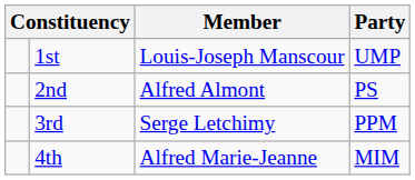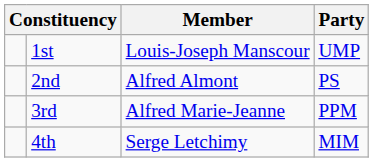 <table class="wikitable">
 <tr>
 <th colspan="2">Constituency</th>
 <th>Member</th>
 <th>Party</th>
 </tr>
 <tr>
 <td style="background-color: "></td>
 <td><a href='#'>1st</a></td>
 <td><a href='#'>Louis-Joseph Manscour</a></td>
 <td><a href='#'>UMP</a></td>
 </tr>
 <tr>
 <td style="background-color: "></td>
 <td><a href='#'>2nd</a></td>
 <td><a href='#'>Alfred Almont</a></td>
 <td><a href='#'>PS</a></td>
 </tr>
 <tr>
 <td style="background-color: "></td>
 <td><a href='#'>3rd</a></td>
-<td><a href='#'>Serge Letchimy</a></td>
+<td><a href='#'>Alfred Marie-Jeanne</a></td>
 <td><a href='#'>PPM</a></td>
 </tr>
 <tr>
 <td style="background-color: "></td>
 <td><a href='#'>4th</a></td>
-<td><a href='#'>Alfred Marie-Jeanne</a></td>
+<td><a href='#'>Serge Letchimy</a></td>
 <td><a href='#'>MIM</a></td>
 </tr>
 </table>
